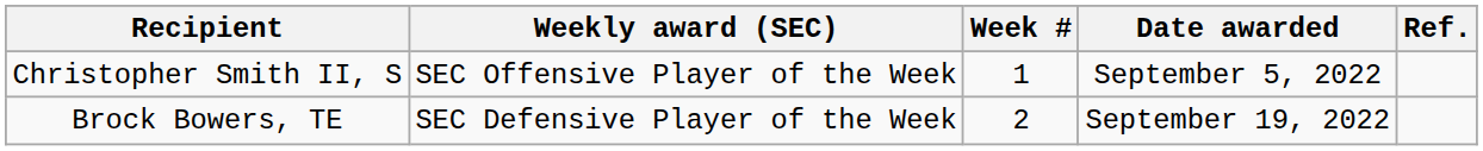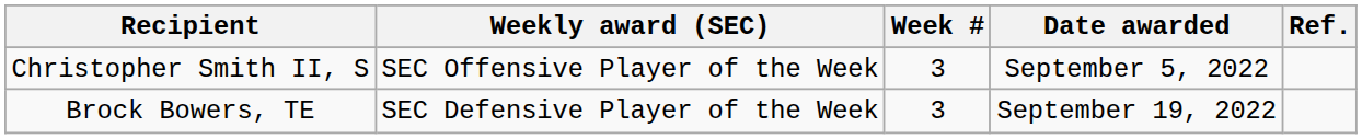 <table class="wikitable sortable" style="text-align:center">
 <tr>
 <th>Recipient</th>
 <th>Weekly award (SEC)</th>
 <th>Week #</th>
 <th>Date awarded</th>
 <th>Ref.</th>
 </tr>
 <tr>
 <td>Christopher Smith II, S</td>
 <td>SEC Offensive Player of the Week</td>
-<td>1</td>
+<td>3</td>
 <td>September 5, 2022</td>
 <td></td>
 </tr>
 <tr>
 <td>Brock Bowers, TE</td>
 <td>SEC Defensive Player of the Week</td>
-<td>2</td>
+<td>3</td>
 <td>September 19, 2022</td>
 <td></td>
 </tr>
 </table>
